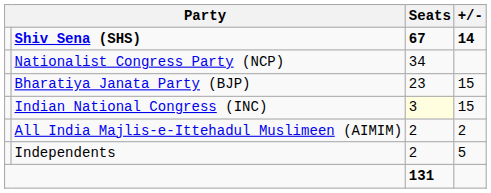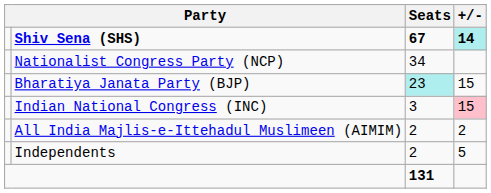 <table class="sortable wikitable">
 <tr>
 <th colspan=2>Party</th>
 <th>Seats</th>
 <th>+/-</th>
 </tr>
 <tr>
 <td></td>
 <td><strong><a href='#'>Shiv Sena</a> (SHS)</strong></td>
 <td><strong>67</strong></td>
-<td><strong> 14</strong></td>
+<td style="background: paleturquoise;"><strong> 14</strong></td>
 </tr>
 <tr>
 <td></td>
 <td><a href='#'>Nationalist Congress Party</a> (NCP)</td>
 <td>34</td>
 <td></td>
 </tr>
 <tr>
 <td></td>
 <td><a href='#'>Bharatiya Janata Party</a> (BJP)</td>
-<td>23</td>
+<td style="background: paleturquoise;">23</td>
 <td> 15</td>
 </tr>
 <tr>
 <td></td>
 <td><a href='#'>Indian National Congress</a> (INC)</td>
-<td style="background: lightyellow;">3</td>
-<td> 15</td>
+<td>3</td>
+<td style="background: pink;"> 15</td>
 </tr>
 <tr>
 <td></td>
 <td><a href='#'>All India Majlis-e-Ittehadul Muslimeen</a> (AIMIM)</td>
 <td>2</td>
 <td> 2</td>
 </tr>
 <tr>
 <td></td>
 <td>Independents</td>
 <td>2</td>
 <td> 5</td>
 </tr>
 <tr>
 <td colspan=2></td>
 <td><strong>131</strong></td>
 </tr>
 </table>
